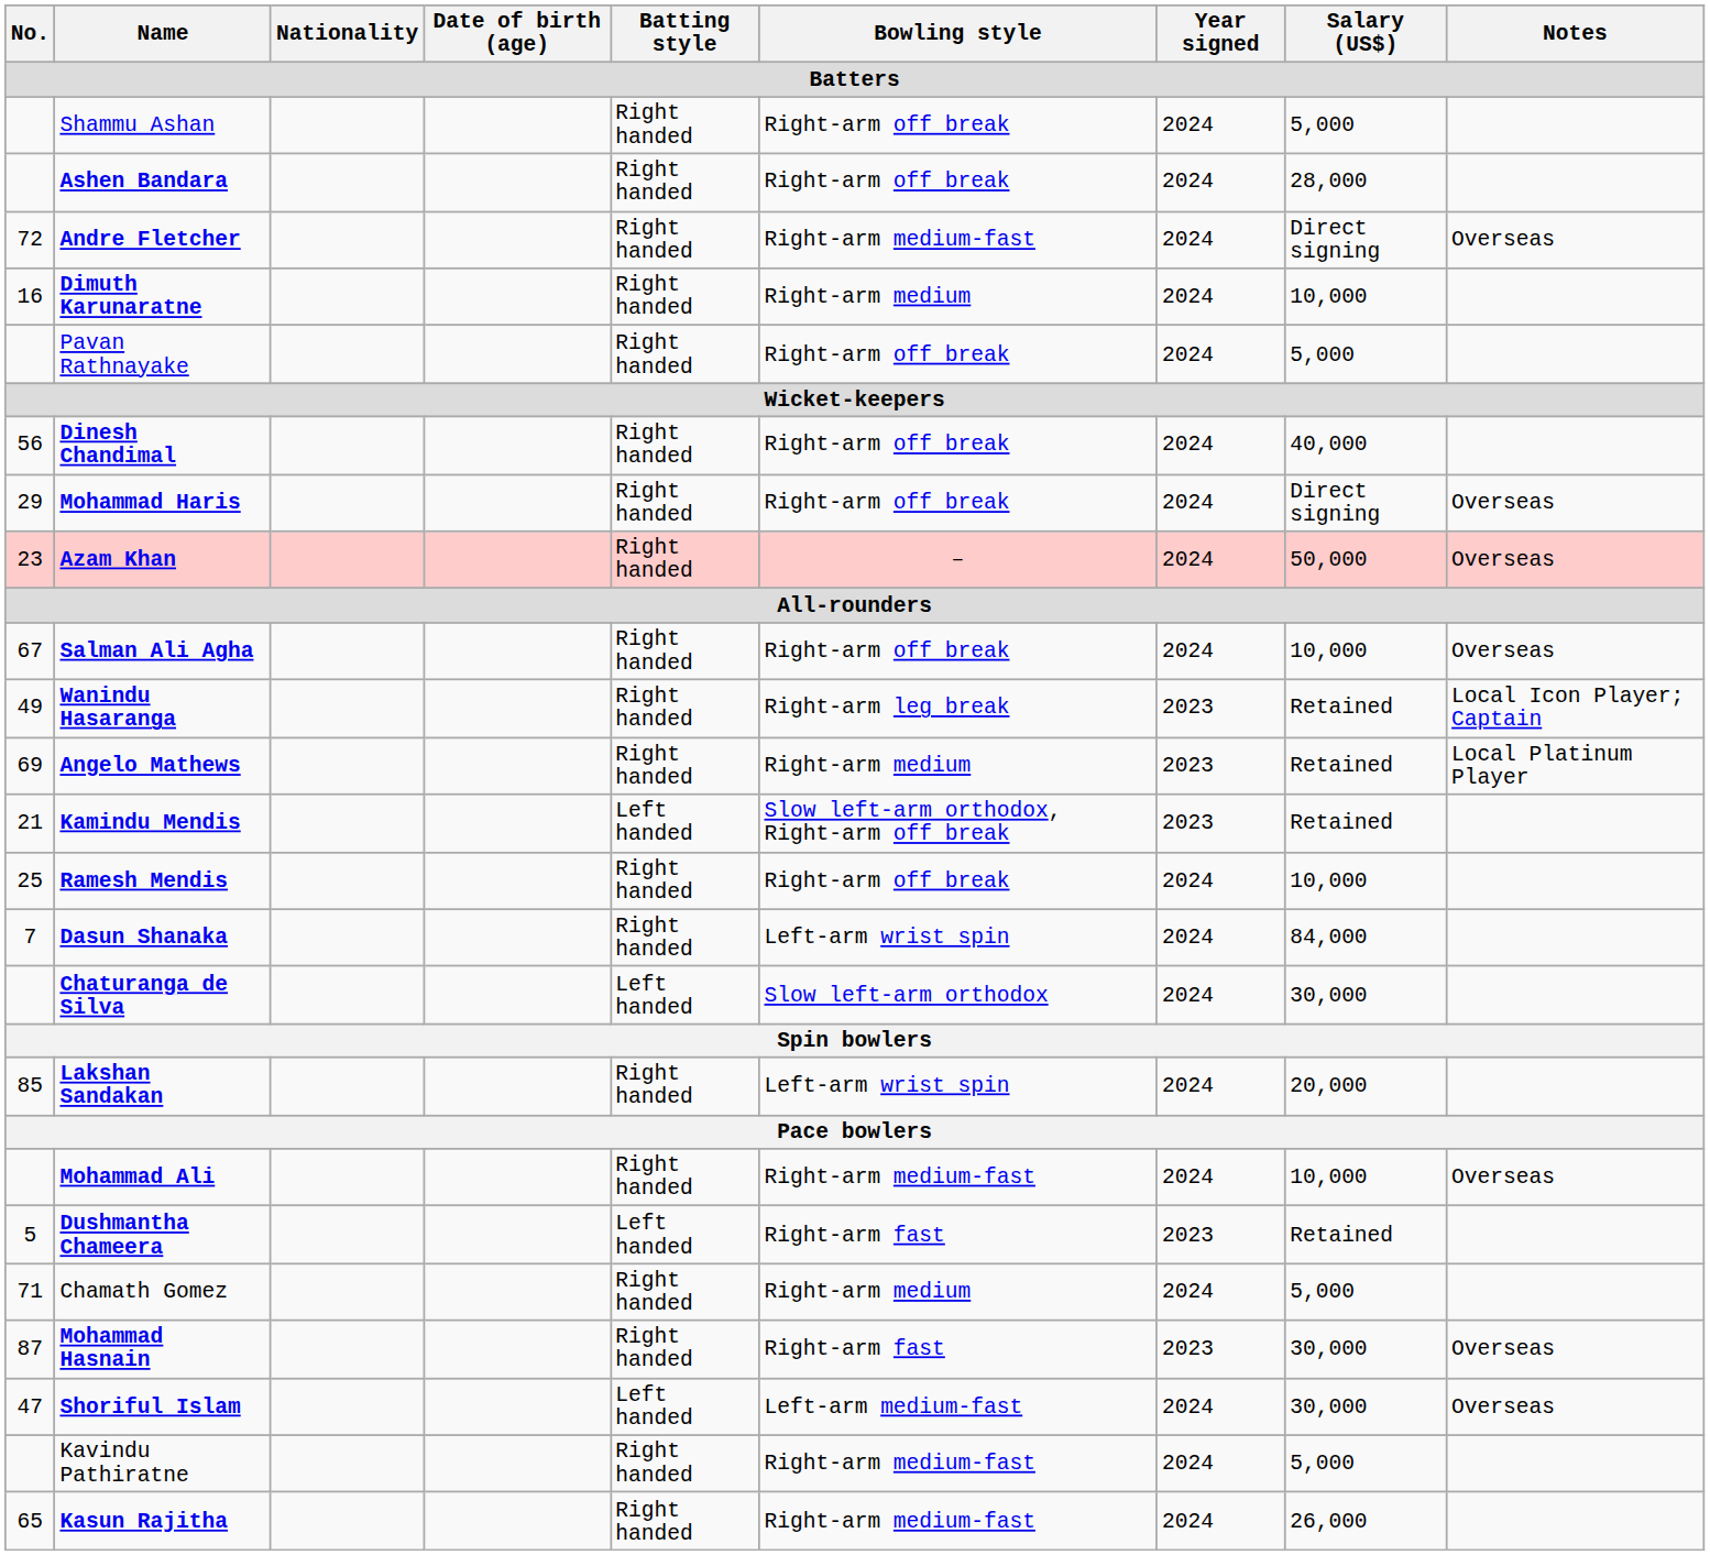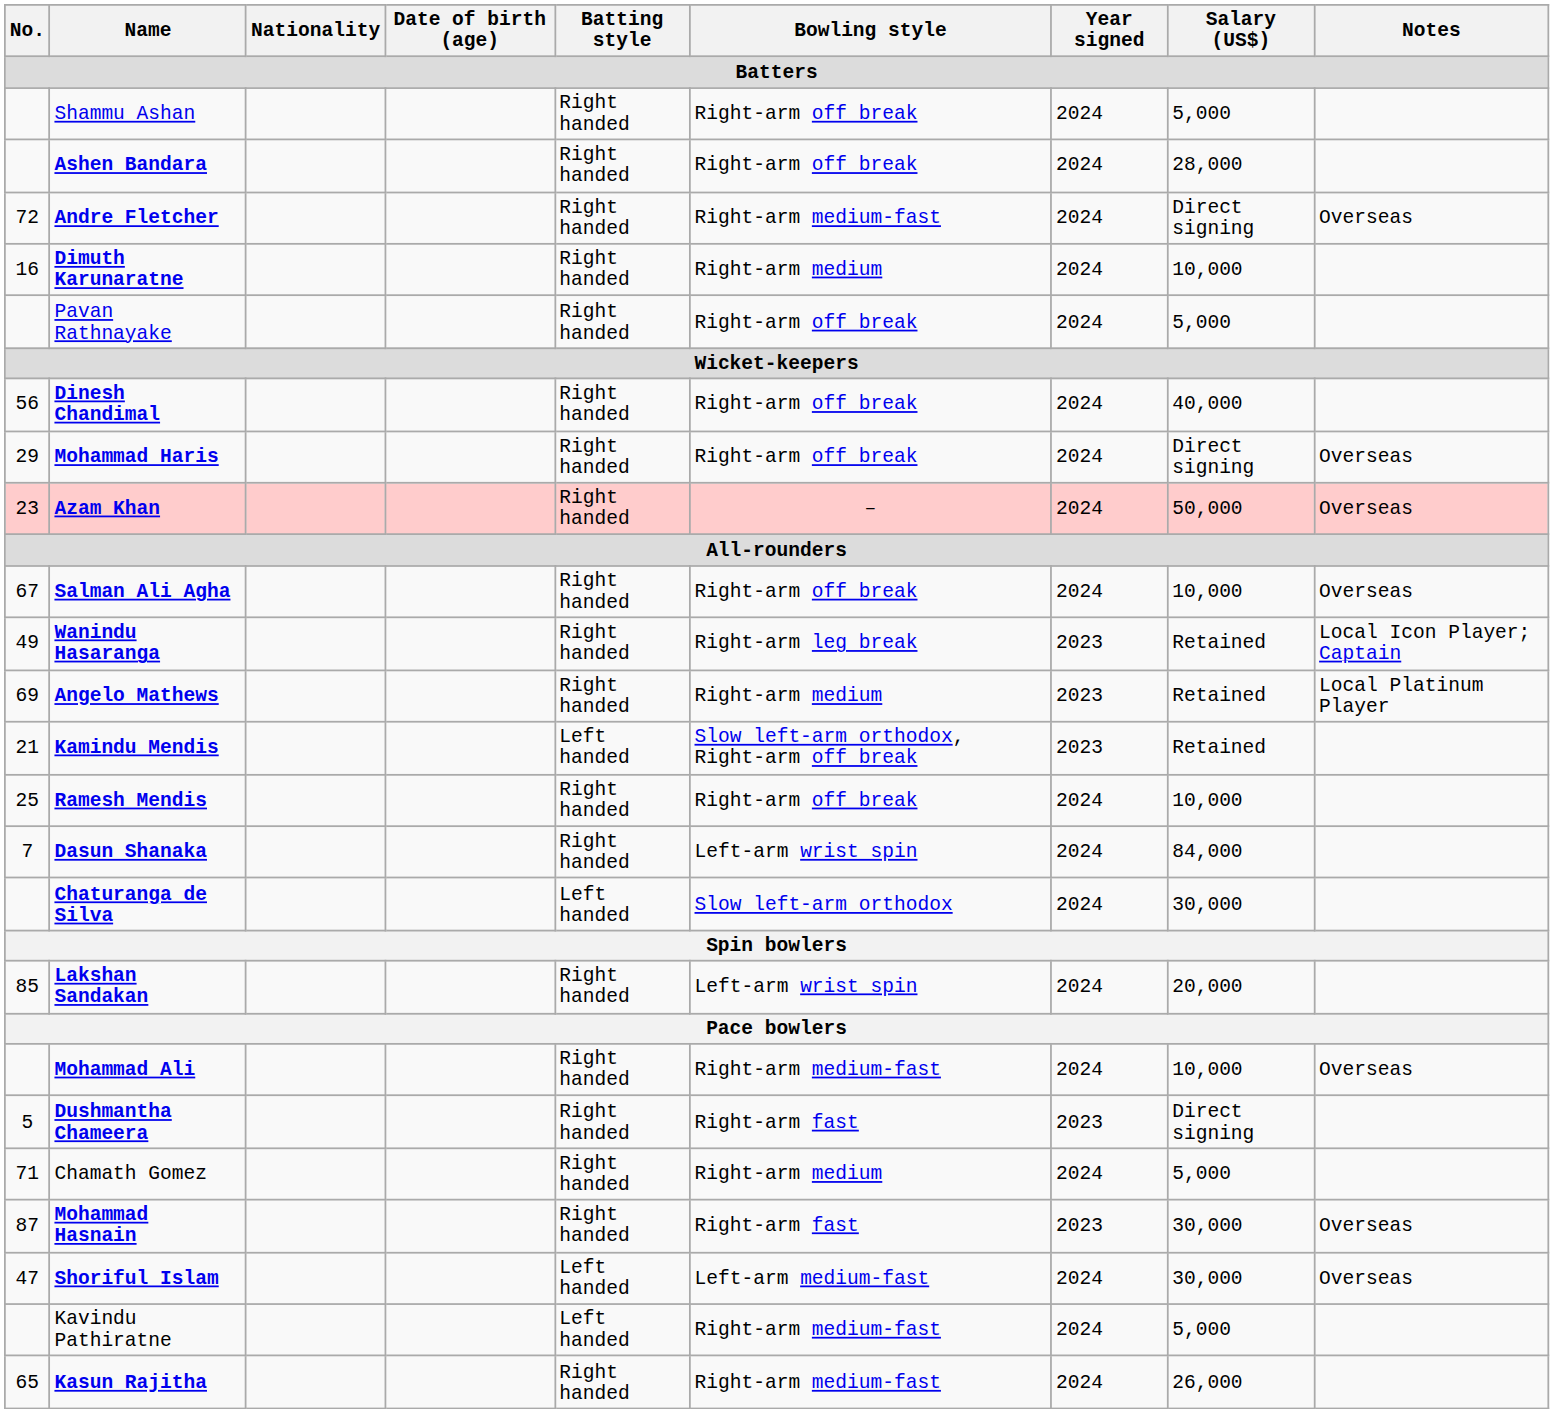 <table class="wikitable" style="font-size:85%;">
 <tr>
 <th>No.</th>
 <th>Name</th>
 <th>Nationality</th>
 <th>Date of birth (age)</th>
 <th>Batting style</th>
 <th>Bowling style</th>
 <th>Year signed</th>
 <th>Salary (US$)</th>
 <th>Notes</th>
 </tr>
 <tr>
 <th colspan="9" style="background:#dcdcdc; text-align:center;">Batters</th>
 </tr>
 <tr>
 <td></td>
 <td><a href='#'>Shammu Ashan</a></td>
 <td></td>
 <td></td>
 <td>Right handed</td>
 <td>Right-arm <a href='#'>off break</a></td>
 <td>2024</td>
 <td>5,000</td>
 <td></td>
 </tr>
 <tr>
 <td></td>
 <td><strong><a href='#'>Ashen Bandara</a></strong></td>
 <td></td>
 <td></td>
 <td>Right handed</td>
 <td>Right-arm <a href='#'>off break</a></td>
 <td>2024</td>
 <td>28,000</td>
 <td></td>
 </tr>
 <tr>
 <td style="text-align:center;">72</td>
 <td><strong><a href='#'>Andre Fletcher</a></strong></td>
 <td></td>
 <td></td>
 <td>Right handed</td>
 <td>Right-arm <a href='#'>medium-fast</a></td>
 <td>2024</td>
 <td>Direct signing</td>
 <td>Overseas</td>
 </tr>
 <tr>
 <td style="text-align:center;">16</td>
 <td><strong><a href='#'>Dimuth Karunaratne</a></strong></td>
 <td></td>
 <td></td>
 <td>Right handed</td>
 <td>Right-arm <a href='#'>medium</a></td>
 <td>2024</td>
 <td>10,000</td>
 <td></td>
 </tr>
 <tr>
 <td></td>
 <td><a href='#'>Pavan Rathnayake</a></td>
 <td></td>
 <td></td>
 <td>Right handed</td>
 <td>Right-arm <a href='#'>off break</a></td>
 <td>2024</td>
 <td>5,000</td>
 <td></td>
 </tr>
 <tr>
 <th colspan="9" style="background: #DCDCDC" align="center">Wicket-keepers</th>
 </tr>
 <tr>
 <td style="text-align:center;">56</td>
 <td><strong><a href='#'>Dinesh Chandimal</a></strong></td>
 <td></td>
 <td></td>
 <td>Right handed</td>
 <td>Right-arm <a href='#'>off break</a></td>
 <td>2024</td>
 <td>40,000</td>
 <td></td>
 </tr>
 <tr>
 <td style="text-align:center;">29</td>
 <td><strong><a href='#'>Mohammad Haris</a></strong></td>
 <td></td>
 <td></td>
 <td>Right handed</td>
 <td>Right-arm <a href='#'>off break</a></td>
 <td>2024</td>
 <td>Direct signing</td>
 <td>Overseas</td>
 </tr>
 <tr style="background:#FFCCCC">
 <td style="text-align:center;">23</td>
 <td><a href='#'><strong>Azam Khan</strong></a></td>
 <td></td>
 <td></td>
 <td>Right handed</td>
 <td style="text-align:center;">–</td>
 <td>2024</td>
 <td>50,000</td>
 <td>Overseas</td>
 </tr>
 <tr>
 <th colspan="9" style="background: #DCDCDC" align="center">All-rounders</th>
 </tr>
 <tr>
 <td style="text-align:center;">67</td>
 <td><strong><a href='#'>Salman Ali Agha</a></strong></td>
 <td></td>
 <td></td>
 <td>Right handed</td>
 <td>Right-arm <a href='#'>off break</a></td>
 <td>2024</td>
 <td>10,000</td>
 <td>Overseas</td>
 </tr>
 <tr>
 <td style="text-align:center;">49</td>
 <td><strong><a href='#'>Wanindu Hasaranga</a></strong></td>
 <td></td>
 <td></td>
 <td>Right handed</td>
 <td>Right-arm <a href='#'>leg break</a></td>
 <td>2023</td>
 <td>Retained</td>
 <td>Local Icon Player; <a href='#'>Captain</a></td>
 </tr>
 <tr>
 <td style="text-align:center;">69</td>
 <td><strong><a href='#'>Angelo Mathews</a></strong></td>
 <td></td>
 <td></td>
 <td>Right handed</td>
 <td>Right-arm <a href='#'>medium</a></td>
 <td>2023</td>
 <td>Retained</td>
 <td>Local Platinum Player</td>
 </tr>
 <tr>
 <td style="text-align:center;">21</td>
 <td><strong><a href='#'>Kamindu Mendis</a></strong></td>
 <td></td>
 <td></td>
 <td>Left handed</td>
 <td><a href='#'>Slow left-arm orthodox</a>, Right-arm <a href='#'>off break</a></td>
 <td>2023</td>
 <td>Retained</td>
 <td></td>
 </tr>
 <tr>
 <td style="text-align:center;">25</td>
 <td><strong><a href='#'>Ramesh Mendis</a></strong></td>
 <td></td>
 <td></td>
 <td>Right handed</td>
 <td>Right-arm <a href='#'>off break</a></td>
 <td>2024</td>
 <td>10,000</td>
 <td></td>
 </tr>
 <tr>
 <td style="text-align:center;">7</td>
 <td><strong><a href='#'>Dasun Shanaka</a></strong></td>
 <td></td>
 <td></td>
 <td>Right handed</td>
 <td>Left-arm <a href='#'>wrist spin</a></td>
 <td>2024</td>
 <td>84,000</td>
 <td></td>
 </tr>
 <tr>
 <td></td>
 <td><strong><a href='#'>Chaturanga de Silva</a></strong></td>
 <td></td>
 <td></td>
 <td>Left handed</td>
 <td><a href='#'>Slow left-arm orthodox</a></td>
 <td>2024</td>
 <td>30,000</td>
 <td></td>
 </tr>
 <tr>
 <th colspan="9" style="”background:" align="”center”" #DCDCDC”>Spin bowlers</th>
 </tr>
 <tr>
 <td style="text-align:center;">85</td>
 <td><strong><a href='#'>Lakshan Sandakan</a></strong></td>
 <td></td>
 <td></td>
 <td>Right handed</td>
 <td>Left-arm <a href='#'>wrist spin</a></td>
 <td>2024</td>
 <td>20,000</td>
 <td></td>
 </tr>
 <tr>
 <th colspan="9" style="”background:" align="”center”" #DCDCDC”>Pace bowlers</th>
 </tr>
 <tr>
 <td></td>
 <td><a href='#'><strong>Mohammad Ali</strong></a></td>
 <td></td>
 <td></td>
 <td>Right handed</td>
 <td>Right-arm <a href='#'>medium-fast</a></td>
 <td>2024</td>
 <td>10,000</td>
 <td>Overseas</td>
 </tr>
 <tr>
 <td style="text-align:center;">5</td>
 <td><strong><a href='#'>Dushmantha Chameera</a></strong></td>
 <td></td>
 <td></td>
-<td>Left handed</td>
+<td>Right handed</td>
 <td>Right-arm <a href='#'>fast</a></td>
 <td>2023</td>
-<td>Retained</td>
+<td>Direct signing</td>
 <td></td>
 </tr>
 <tr>
 <td style="text-align:center;">71</td>
 <td>Chamath Gomez</td>
 <td></td>
 <td></td>
 <td>Right handed</td>
 <td>Right-arm <a href='#'>medium</a></td>
 <td>2024</td>
 <td>5,000</td>
 <td></td>
 </tr>
 <tr>
 <td style="text-align:center;">87</td>
 <td><strong><a href='#'>Mohammad Hasnain</a></strong></td>
 <td></td>
 <td></td>
 <td>Right handed</td>
 <td>Right-arm <a href='#'>fast</a></td>
 <td>2023</td>
 <td>30,000</td>
 <td>Overseas</td>
 </tr>
 <tr>
 <td style="text-align:center;">47</td>
 <td><strong><a href='#'>Shoriful Islam</a></strong></td>
 <td></td>
 <td></td>
 <td>Left handed</td>
 <td>Left-arm <a href='#'>medium-fast</a></td>
 <td>2024</td>
 <td>30,000</td>
 <td>Overseas</td>
 </tr>
 <tr>
 <td></td>
 <td>Kavindu Pathiratne</td>
 <td></td>
 <td></td>
-<td>Right handed</td>
+<td>Left handed</td>
 <td>Right-arm <a href='#'>medium-fast</a></td>
 <td>2024</td>
 <td>5,000</td>
 <td></td>
 </tr>
 <tr>
 <td style="text-align:center;">65</td>
 <td><strong><a href='#'>Kasun Rajitha</a></strong></td>
 <td></td>
 <td></td>
 <td>Right handed</td>
 <td>Right-arm <a href='#'>medium-fast</a></td>
 <td>2024</td>
 <td>26,000</td>
 <td></td>
 </tr>
 </table>
